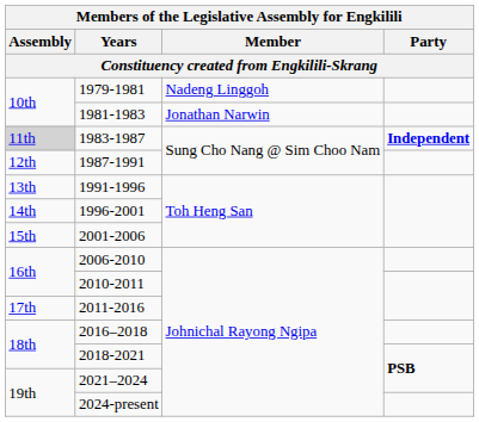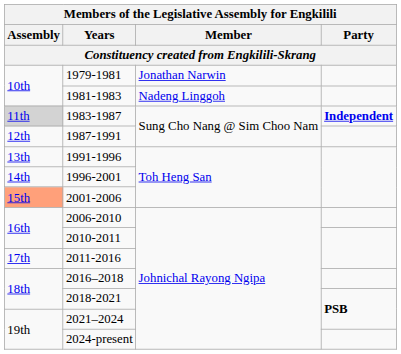 <table class=wikitable>
 <tr>
 <th colspan="4">Members of the Legislative Assembly for Engkilili</th>
 </tr>
 <tr>
 <th>Assembly</th>
 <th>Years</th>
 <th>Member</th>
 <th>Party</th>
 </tr>
 <tr>
 <th colspan=4 align=center><em>Constituency created from Engkilili-Skrang</em></th>
 </tr>
 <tr>
 <td rowspan=2><a href='#'>10th</a></td>
 <td>1979-1981</td>
-<td><a href='#'>Nadeng Linggoh</a></td>
+<td><a href='#'>Jonathan Narwin</a></td>
 <td></td>
 </tr>
 <tr>
 <td>1981-1983</td>
-<td><a href='#'>Jonathan Narwin</a></td>
+<td><a href='#'>Nadeng Linggoh</a></td>
 <td></td>
 </tr>
 <tr>
 <td style="background: lightgrey;"><a href='#'>11th</a></td>
 <td>1983-1987</td>
 <td rowspan=2>Sung Cho Nang @ Sim Choo Nam</td>
 <td><strong><a href='#'>Independent</a></strong></td>
 </tr>
 <tr>
 <td><a href='#'>12th</a></td>
 <td>1987-1991</td>
 <td></td>
 </tr>
 <tr>
 <td><a href='#'>13th</a></td>
 <td>1991-1996</td>
 <td rowspan=3><a href='#'>Toh Heng San</a></td>
 <td rowspan=3></td>
 </tr>
 <tr>
 <td><a href='#'>14th</a></td>
 <td>1996-2001</td>
 </tr>
 <tr>
-<td><a href='#'>15th</a></td>
+<td style="background: lightsalmon;"><a href='#'>15th</a></td>
 <td>2001-2006</td>
 </tr>
 <tr>
 <td rowspan=2><a href='#'>16th</a></td>
 <td>2006-2010</td>
 <td rowspan="7"><a href='#'>Johnichal Rayong Ngipa</a></td>
 <td></td>
 </tr>
 <tr>
 <td>2010-2011</td>
 <td rowspan=2></td>
 </tr>
 <tr>
 <td><a href='#'>17th</a></td>
 <td>2011-2016</td>
 </tr>
 <tr>
 <td rowspan="2"><a href='#'>18th</a></td>
 <td>2016–2018</td>
 <td></td>
 </tr>
 <tr>
 <td>2018-2021</td>
 <td rowspan="2"><strong>PSB</strong></td>
 </tr>
 <tr>
 <td rowspan="2">19th</td>
 <td>2021–2024</td>
 </tr>
 <tr>
 <td>2024-present</td>
 <td></td>
 </tr>
 </table>
